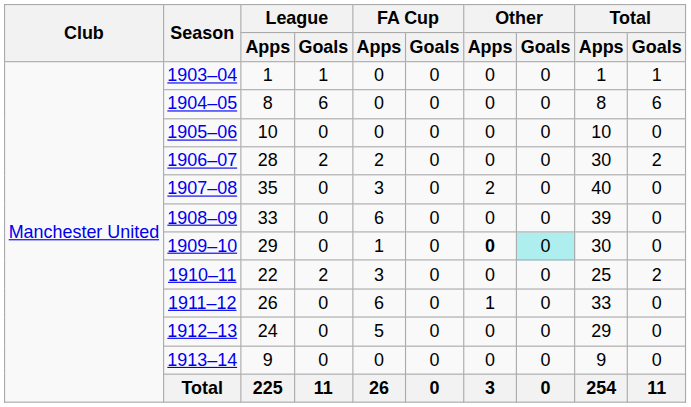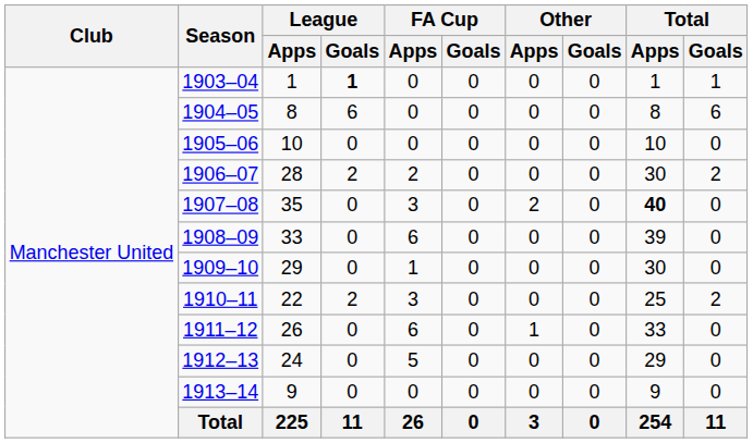 <table class="wikitable" style="text-align:center">
 <tr>
 <th rowspan="2">Club</th>
 <th rowspan="2">Season</th>
 <th colspan="2">League</th>
 <th colspan="2">FA Cup</th>
 <th colspan="2">Other</th>
 <th colspan="2">Total</th>
 </tr>
 <tr>
 <th>Apps</th>
 <th>Goals</th>
 <th>Apps</th>
 <th>Goals</th>
 <th>Apps</th>
 <th>Goals</th>
 <th>Apps</th>
 <th>Goals</th>
 </tr>
 <tr>
 <td rowspan="12"><a href='#'>Manchester United</a></td>
 <td><a href='#'>1903–04</a></td>
 <td>1</td>
-<td>1</td>
+<td><strong>1</strong></td>
 <td>0</td>
 <td>0</td>
 <td>0</td>
 <td>0</td>
 <td>1</td>
 <td>1</td>
 </tr>
 <tr>
 <td><a href='#'>1904–05</a></td>
 <td>8</td>
 <td>6</td>
 <td>0</td>
 <td>0</td>
 <td>0</td>
 <td>0</td>
 <td>8</td>
 <td>6</td>
 </tr>
 <tr>
 <td><a href='#'>1905–06</a></td>
 <td>10</td>
 <td>0</td>
 <td>0</td>
 <td>0</td>
 <td>0</td>
 <td>0</td>
 <td>10</td>
 <td>0</td>
 </tr>
 <tr>
 <td><a href='#'>1906–07</a></td>
 <td>28</td>
 <td>2</td>
 <td>2</td>
 <td>0</td>
 <td>0</td>
 <td>0</td>
 <td>30</td>
 <td>2</td>
 </tr>
 <tr>
 <td><a href='#'>1907–08</a></td>
 <td>35</td>
 <td>0</td>
 <td>3</td>
 <td>0</td>
 <td>2</td>
 <td>0</td>
-<td>40</td>
+<td><strong>40</strong></td>
 <td>0</td>
 </tr>
 <tr>
 <td><a href='#'>1908–09</a></td>
 <td>33</td>
 <td>0</td>
 <td>6</td>
 <td>0</td>
 <td>0</td>
 <td>0</td>
 <td>39</td>
 <td>0</td>
 </tr>
 <tr>
 <td><a href='#'>1909–10</a></td>
 <td>29</td>
 <td>0</td>
 <td>1</td>
 <td>0</td>
-<td><strong>0</strong></td>
-<td style="background: paleturquoise;">0</td>
+<td>0</td>
+<td>0</td>
 <td>30</td>
 <td>0</td>
 </tr>
 <tr>
 <td><a href='#'>1910–11</a></td>
 <td>22</td>
 <td>2</td>
 <td>3</td>
 <td>0</td>
 <td>0</td>
 <td>0</td>
 <td>25</td>
 <td>2</td>
 </tr>
 <tr>
 <td><a href='#'>1911–12</a></td>
 <td>26</td>
 <td>0</td>
 <td>6</td>
 <td>0</td>
 <td>1</td>
 <td>0</td>
 <td>33</td>
 <td>0</td>
 </tr>
 <tr>
 <td><a href='#'>1912–13</a></td>
 <td>24</td>
 <td>0</td>
 <td>5</td>
 <td>0</td>
 <td>0</td>
 <td>0</td>
 <td>29</td>
 <td>0</td>
 </tr>
 <tr>
 <td><a href='#'>1913–14</a></td>
 <td>9</td>
 <td>0</td>
 <td>0</td>
 <td>0</td>
 <td>0</td>
 <td>0</td>
 <td>9</td>
 <td>0</td>
 </tr>
 <tr>
 <th>Total</th>
 <th>225</th>
 <th>11</th>
 <th>26</th>
 <th>0</th>
 <th>3</th>
 <th>0</th>
 <th>254</th>
 <th>11</th>
 </tr>
 </table>
